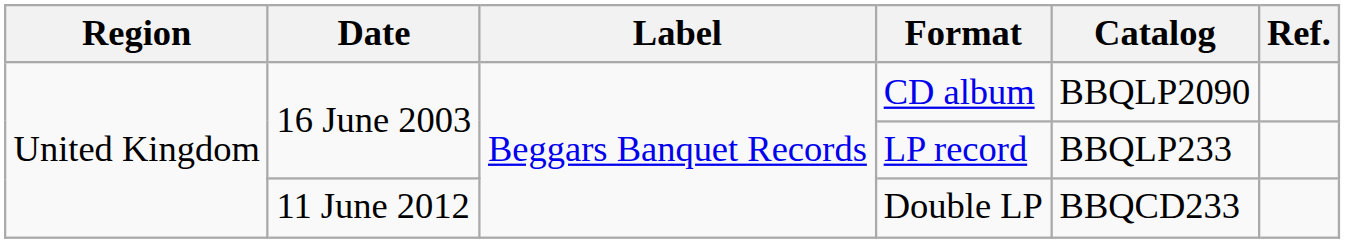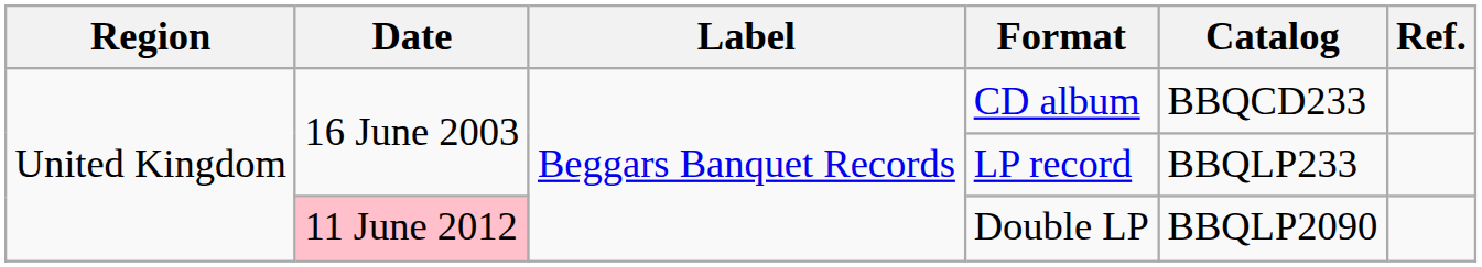 <table class="wikitable">
 <tr>
 <th>Region</th>
 <th>Date</th>
 <th>Label</th>
 <th>Format</th>
 <th>Catalog</th>
 <th>Ref.</th>
 </tr>
 <tr>
 <td rowspan="3">United Kingdom</td>
 <td rowspan="2">16 June 2003</td>
 <td rowspan="3"><a href='#'>Beggars Banquet Records</a></td>
 <td><a href='#'>CD album</a></td>
-<td>BBQLP2090</td>
+<td>BBQCD233</td>
 <td align="center"></td>
 </tr>
 <tr>
 <td><a href='#'>LP record</a></td>
 <td>BBQLP233</td>
 <td align="center"></td>
 </tr>
 <tr>
-<td>11 June 2012</td>
+<td style="background: pink;">11 June 2012</td>
 <td>Double LP</td>
-<td>BBQCD233</td>
+<td>BBQLP2090</td>
 <td align="center"></td>
 </tr>
 </table>
